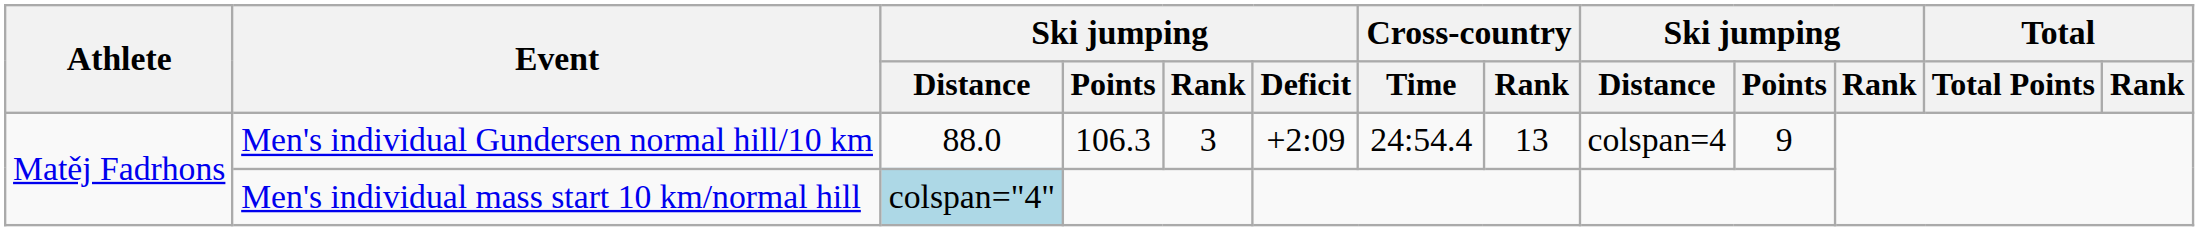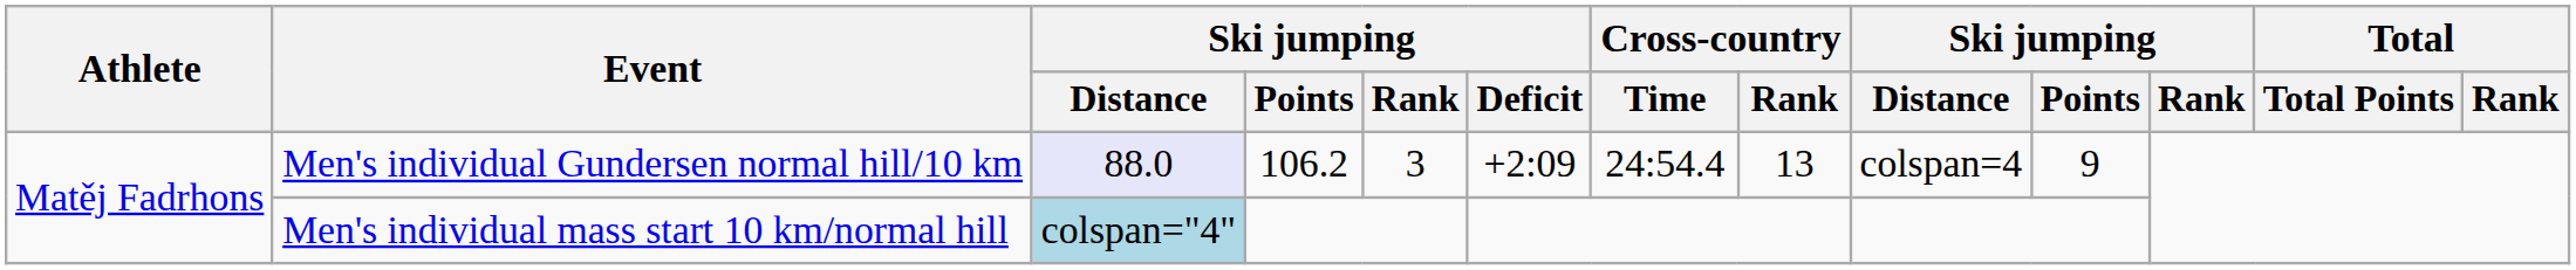 <table class="wikitable" style="font-size:90%">
 <tr>
 <th rowspan="2">Athlete</th>
 <th rowspan="2">Event</th>
 <th colspan="4">Ski jumping</th>
 <th colspan="2">Cross-country</th>
 <th colspan="3">Ski jumping</th>
 <th colspan="2">Total</th>
 </tr>
 <tr style="font-size:95%">
 <th>Distance</th>
 <th>Points</th>
 <th>Rank</th>
 <th>Deficit</th>
 <th>Time</th>
 <th>Rank</th>
 <th>Distance</th>
 <th>Points</th>
 <th>Rank</th>
 <th>Total Points</th>
 <th>Rank</th>
 </tr>
 <tr align=center>
 <td rowspan="2" align="left"><a href='#'>Matěj Fadrhons</a></td>
 <td align="left"><a href='#'>Men's individual Gundersen normal hill/10 km</a></td>
-<td>88.0</td>
-<td>106.3</td>
+<td style="background: lavender;">88.0</td>
+<td>106.2</td>
 <td>3</td>
 <td>+2:09</td>
 <td>24:54.4</td>
 <td>13</td>
 <td>colspan=4 </td>
 <td>9</td>
 </tr>
 <tr align=center>
 <td align="left"><a href='#'>Men's individual mass start 10 km/normal hill</a></td>
 <td style="background: lightblue;">colspan="4" </td>
 <td colspan="2"></td>
 <td colspan="3"></td>
 <td colspan="2"></td>
 </tr>
 </table>
